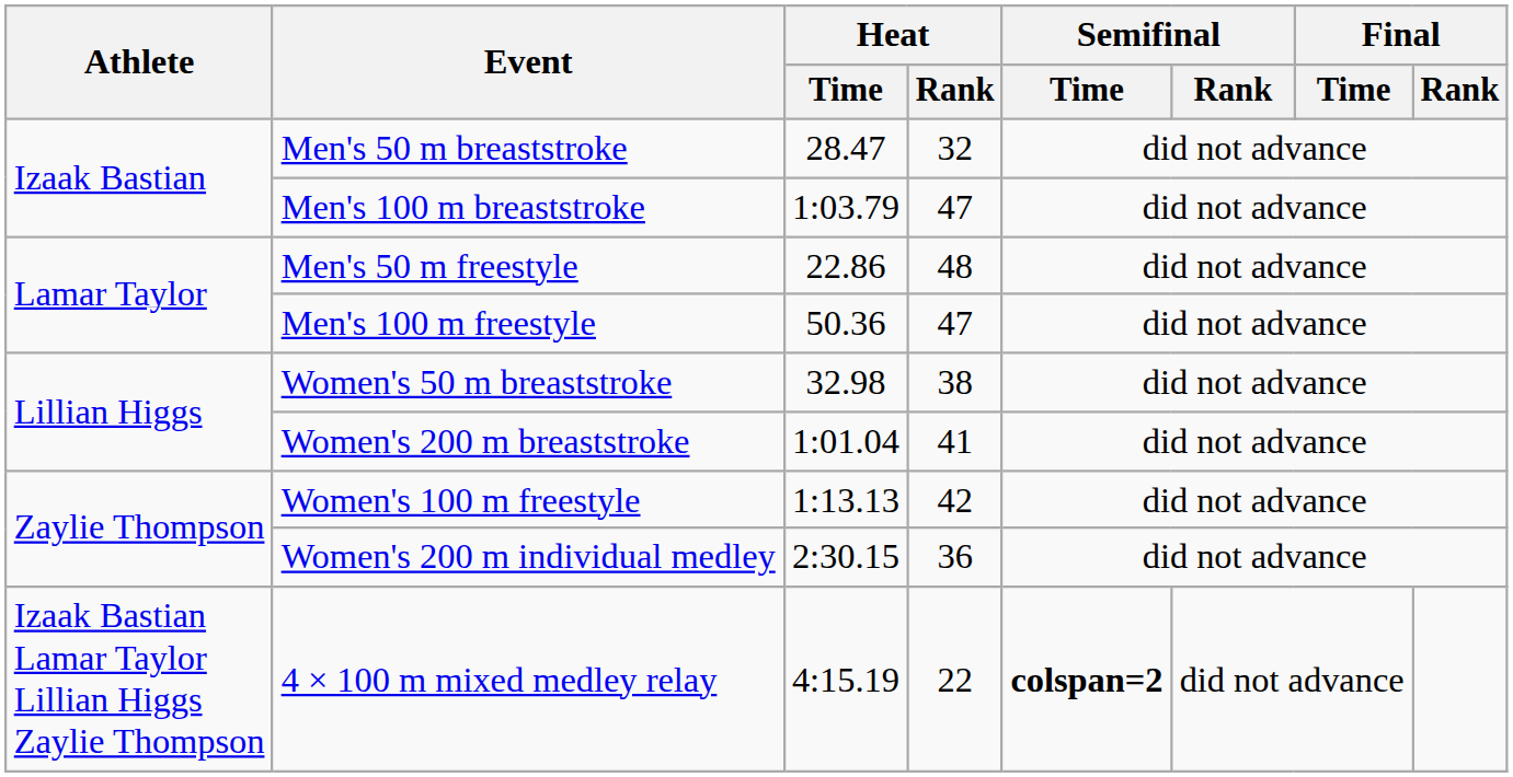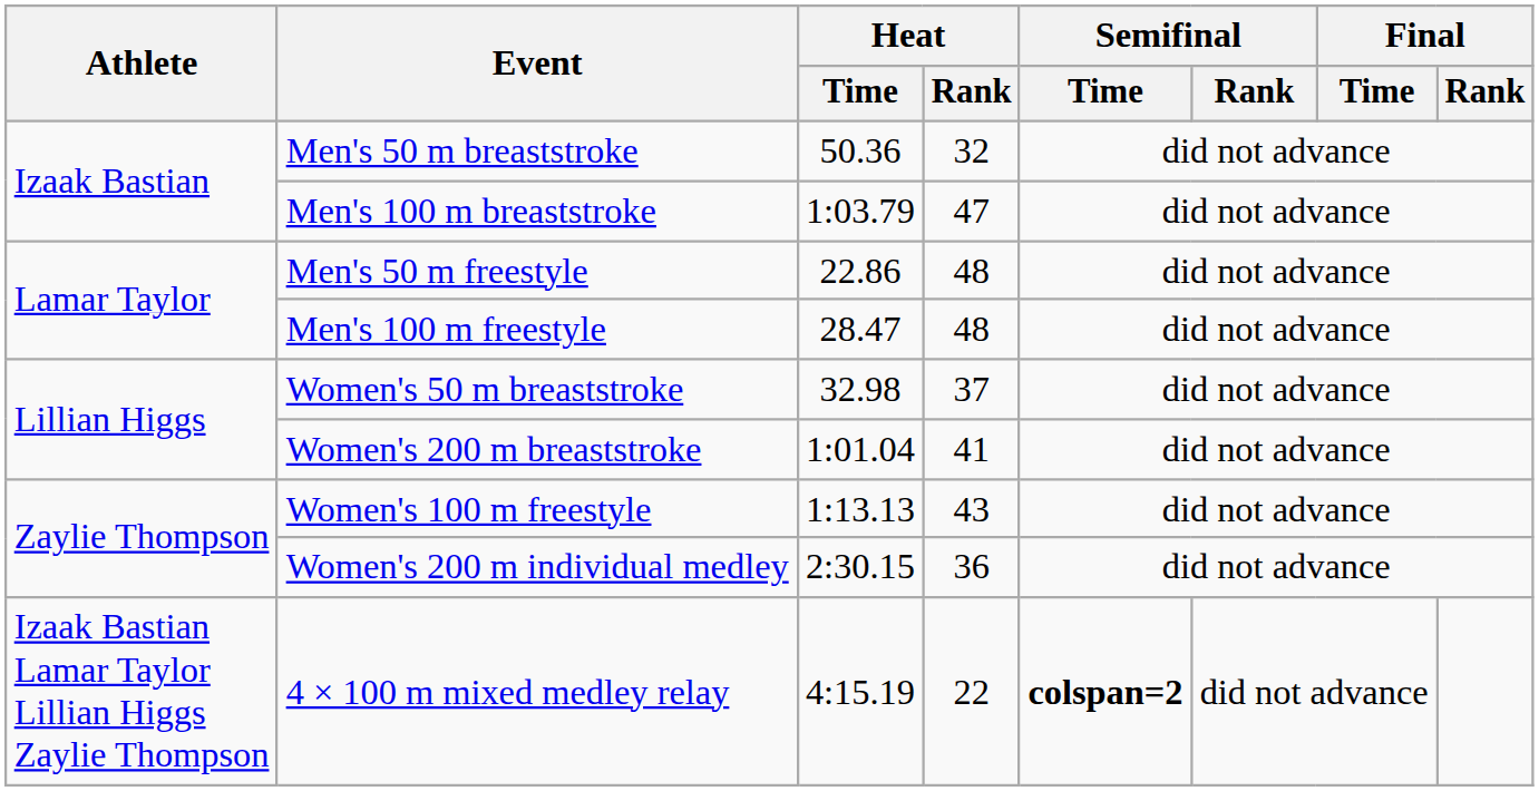 <table class=wikitable style="font-size:90%; text-align:center">
 <tr>
 <th rowspan="2">Athlete</th>
 <th rowspan="2">Event</th>
 <th colspan="2">Heat</th>
 <th colspan="2">Semifinal</th>
 <th colspan="2">Final</th>
 </tr>
 <tr style="font-size:95%">
 <th>Time</th>
 <th>Rank</th>
 <th>Time</th>
 <th>Rank</th>
 <th>Time</th>
 <th>Rank</th>
 </tr>
 <tr>
 <td align=left rowspan=2><a href='#'>Izaak Bastian</a></td>
 <td align=left><a href='#'>Men's 50 m breaststroke</a></td>
-<td>28.47</td>
+<td>50.36</td>
 <td>32</td>
 <td colspan=4>did not advance</td>
 </tr>
 <tr>
 <td align=left><a href='#'>Men's 100 m breaststroke</a></td>
 <td>1:03.79</td>
 <td>47</td>
 <td colspan=4>did not advance</td>
 </tr>
 <tr>
 <td align=left rowspan=2><a href='#'>Lamar Taylor</a></td>
 <td align=left><a href='#'>Men's 50 m freestyle</a></td>
 <td>22.86</td>
 <td>48</td>
 <td colspan=4>did not advance</td>
 </tr>
 <tr>
 <td align=left><a href='#'>Men's 100 m freestyle</a></td>
-<td>50.36</td>
-<td>47</td>
+<td>28.47</td>
+<td>48</td>
 <td colspan=4>did not advance</td>
 </tr>
 <tr>
 <td align=left rowspan=2><a href='#'>Lillian Higgs</a></td>
 <td align=left><a href='#'>Women's 50 m breaststroke</a></td>
 <td>32.98</td>
-<td>38</td>
+<td>37</td>
 <td colspan=4>did not advance</td>
 </tr>
 <tr>
 <td align=left><a href='#'>Women's 200 m breaststroke</a></td>
 <td>1:01.04</td>
 <td>41</td>
 <td colspan=4>did not advance</td>
 </tr>
 <tr>
 <td align=left rowspan=2><a href='#'>Zaylie Thompson</a></td>
 <td align=left><a href='#'>Women's 100 m freestyle</a></td>
 <td>1:13.13</td>
-<td>42</td>
+<td>43</td>
 <td colspan=4>did not advance</td>
 </tr>
 <tr>
 <td align=left><a href='#'>Women's 200 m individual medley</a></td>
 <td>2:30.15</td>
 <td>36</td>
 <td colspan=4>did not advance</td>
 </tr>
 <tr align=center>
 <td align=left><a href='#'>Izaak Bastian</a><br><a href='#'>Lamar Taylor</a><br><a href='#'>Lillian Higgs</a><br><a href='#'>Zaylie Thompson</a></td>
 <td align=left><a href='#'>4 × 100 m mixed medley relay</a></td>
 <td>4:15.19</td>
 <td>22</td>
 <td><strong>colspan=2</strong></td>
 <td colspan=2>did not advance</td>
 </tr>
 </table>
